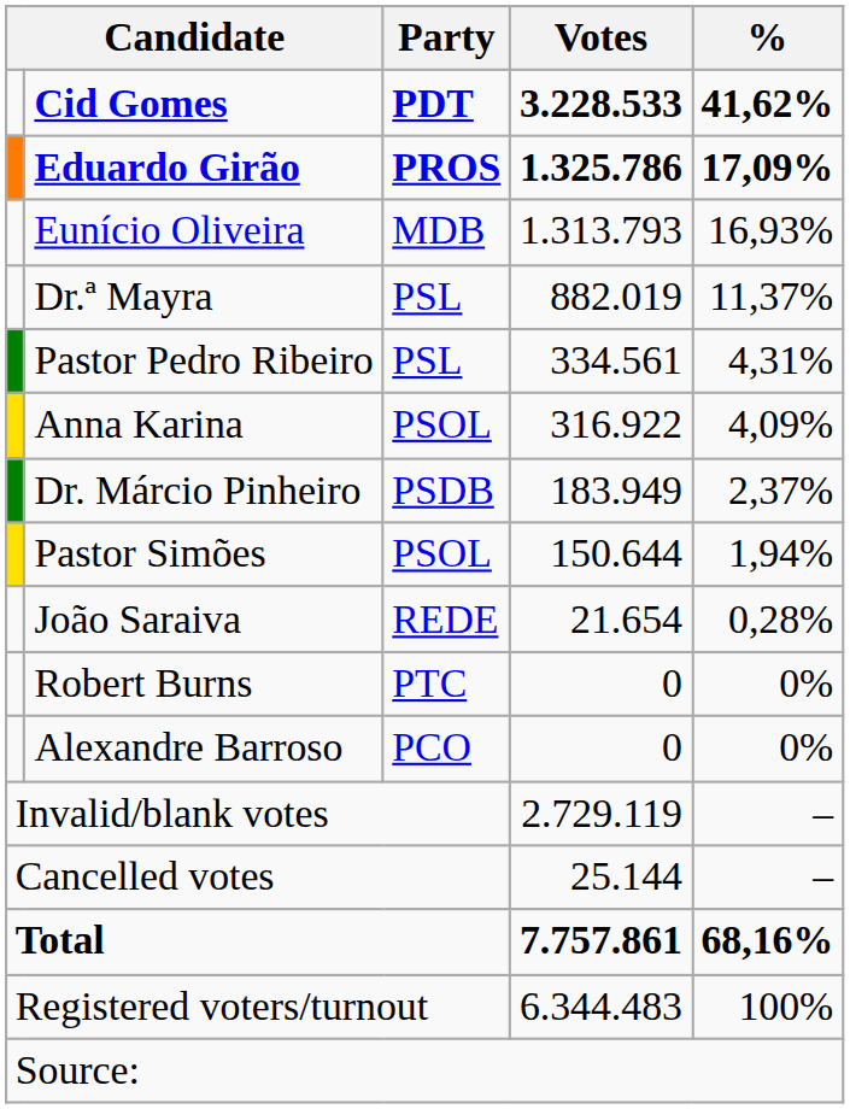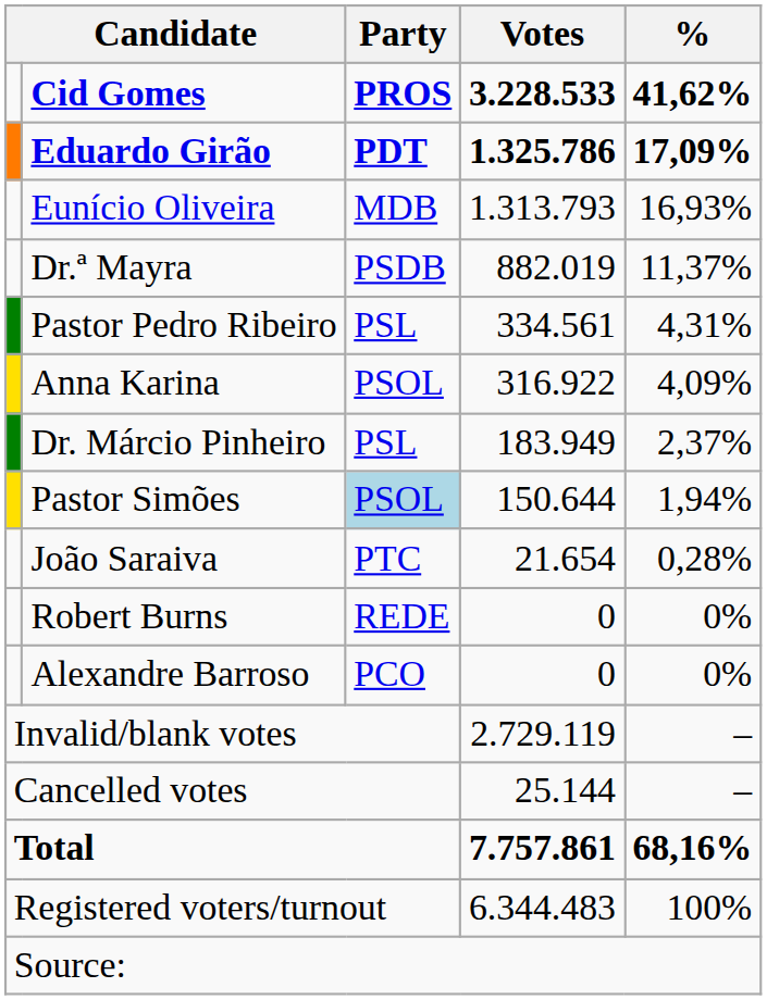 <table class="wikitable" style="text-align:right">
 <tr>
 <th colspan="2">Candidate</th>
 <th>Party</th>
 <th>Votes</th>
 <th>%</th>
 </tr>
 <tr>
 <td></td>
 <td align="left"><strong><a href='#'>Cid Gomes</a></strong></td>
-<td align="left"><a href='#'><strong>PDT</strong></a></td>
+<td align="left"><strong><a href='#'>PROS</a></strong></td>
 <td><strong>3.228.533</strong></td>
 <td><strong>41,62%</strong></td>
 </tr>
 <tr>
 <td bgcolor="#FF7A00"></td>
 <td align="left"><strong><a href='#'>Eduardo Girão</a></strong></td>
-<td align="left"><strong><a href='#'>PROS</a></strong></td>
+<td align="left"><a href='#'><strong>PDT</strong></a></td>
 <td><strong>1.325.786</strong></td>
 <td><strong>17,09%</strong></td>
 </tr>
 <tr>
 <td></td>
 <td align="left"><a href='#'>Eunício Oliveira</a></td>
 <td align="left"><a href='#'>MDB</a></td>
 <td>1.313.793</td>
 <td>16,93%</td>
 </tr>
 <tr>
 <td></td>
 <td align="left">Dr.ª Mayra</td>
-<td align="left"><a href='#'>PSL</a></td>
+<td align="left"><a href='#'>PSDB</a></td>
 <td>882.019</td>
 <td>11,37%</td>
 </tr>
 <tr>
 <td bgcolor="#008000"></td>
 <td align="left">Pastor Pedro Ribeiro</td>
 <td align="left"><a href='#'>PSL</a></td>
 <td>334.561</td>
 <td>4,31%</td>
 </tr>
 <tr>
 <td bgcolor="#FFE000"></td>
 <td align="left">Anna Karina</td>
 <td align="left"><a href='#'>PSOL</a></td>
 <td>316.922</td>
 <td>4,09%</td>
 </tr>
 <tr>
 <td bgcolor="#008000"></td>
 <td align="left">Dr. Márcio Pinheiro</td>
-<td align="left"><a href='#'>PSDB</a></td>
+<td align="left"><a href='#'>PSL</a></td>
 <td>183.949</td>
 <td>2,37%</td>
 </tr>
 <tr>
 <td bgcolor="#FFE000"></td>
 <td align="left">Pastor Simões</td>
-<td align="left"><a href='#'>PSOL</a></td>
+<td align="left" style="background: lightblue;"><a href='#'>PSOL</a></td>
 <td>150.644</td>
 <td>1,94%</td>
 </tr>
 <tr>
 <td></td>
 <td align="left">João Saraiva</td>
-<td align="left"><a href='#'>REDE</a></td>
+<td align="left"><a href='#'>PTC</a></td>
 <td>21.654</td>
 <td>0,28%</td>
 </tr>
 <tr>
 <td></td>
 <td align="left">Robert Burns</td>
-<td align="left"><a href='#'>PTC</a></td>
+<td align="left"><a href='#'>REDE</a></td>
 <td>0</td>
 <td>0%</td>
 </tr>
 <tr>
 <td></td>
 <td align="left">Alexandre Barroso</td>
 <td align="left"><a href='#'>PCO</a></td>
 <td>0</td>
 <td>0%</td>
 </tr>
 <tr>
 <td colspan="3" align="left">Invalid/blank votes</td>
 <td>2.729.119</td>
 <td>–</td>
 </tr>
 <tr>
 <td colspan="3" align="left">Cancelled votes</td>
 <td>25.144</td>
 <td>–</td>
 </tr>
 <tr>
 <td colspan="3" align="left"><strong>Total</strong></td>
 <td><strong>7.757.861</strong></td>
 <td><strong>68,16%</strong></td>
 </tr>
 <tr>
 <td colspan="3" align="left">Registered voters/turnout</td>
 <td>6.344.483</td>
 <td>100%</td>
 </tr>
 <tr>
 <td colspan="5" align="left">Source: </td>
 </tr>
 </table>
